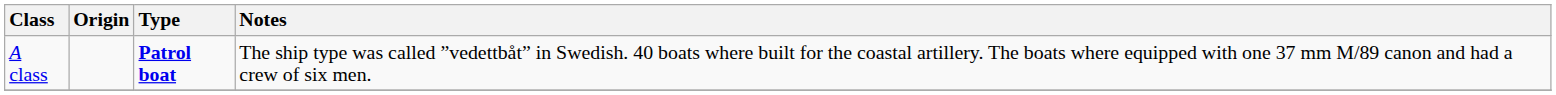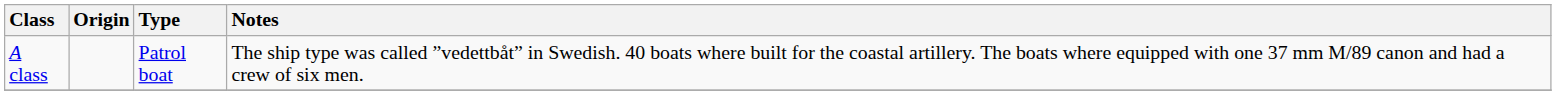 <table class="wikitable">
 <tr>
 <th style="text-align:left">Class</th>
 <th style="text-align:left">Origin</th>
 <th style="text-align:left">Type</th>
 <th style="text-align:left">Notes</th>
 </tr>
 <tr>
 <td><a href='#'><em>A</em> class</a></td>
 <td></td>
-<td><strong><a href='#'>Patrol boat</a></strong></td>
+<td><a href='#'>Patrol boat</a></td>
 <td>The ship type was called ”vedettbåt” in Swedish. 40 boats where built for the coastal artillery. The boats where equipped with one 37 mm M/89 canon and had a crew of six men.</td>
 </tr>
 <tr>
 </tr>
 <tr>
 </tr>
 </table>
